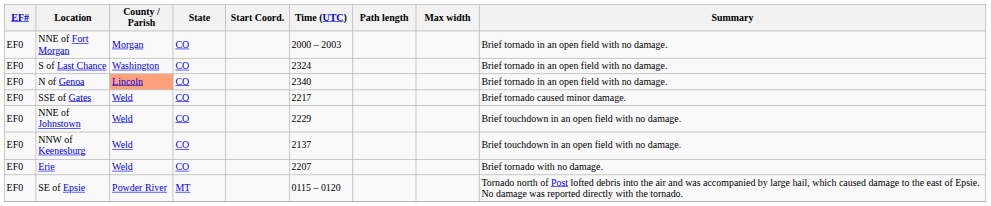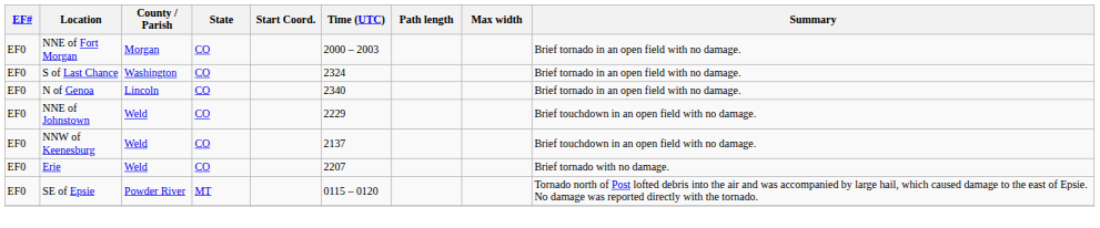 <table class="wikitable sortable" style="width:100%;">
 <tr>
 <th scope="col" width="3%" align="center"><a href='#'>EF#</a></th>
 <th scope="col" width="7%" align="center" class="unsortable">Location</th>
 <th scope="col" width="6%" align="center" class="unsortable">County / Parish</th>
 <th scope="col" width="5%" align="center">State</th>
 <th scope="col" width="6%" align="center">Start Coord.</th>
 <th scope="col" width="6%" align="center">Time (<a href='#'>UTC</a>)</th>
 <th scope="col" width="6%" align="center">Path length</th>
 <th scope="col" width="6%" align="center">Max width</th>
 <th scope="col" width="48%" class="unsortable" align="center">Summary</th>
 </tr>
 <tr>
 <td>EF0</td>
 <td>NNE of <a href='#'>Fort Morgan</a></td>
 <td><a href='#'>Morgan</a></td>
 <td><a href='#'>CO</a></td>
 <td></td>
 <td>2000 – 2003</td>
 <td></td>
 <td></td>
 <td>Brief tornado in an open field with no damage.</td>
 </tr>
 <tr>
 <td>EF0</td>
 <td>S of <a href='#'>Last Chance</a></td>
 <td><a href='#'>Washington</a></td>
 <td><a href='#'>CO</a></td>
 <td></td>
 <td>2324</td>
 <td></td>
 <td></td>
 <td>Brief tornado in an open field with no damage.</td>
 </tr>
 <tr>
 <td>EF0</td>
 <td>N of <a href='#'>Genoa</a></td>
-<td style="background: lightsalmon;"><a href='#'>Lincoln</a></td>
+<td><a href='#'>Lincoln</a></td>
 <td><a href='#'>CO</a></td>
 <td></td>
 <td>2340</td>
 <td></td>
 <td></td>
 <td>Brief tornado in an open field with no damage.</td>
-</tr>
-<tr>
-<td>EF0</td>
-<td>SSE of <a href='#'>Gates</a></td>
-<td><a href='#'>Weld</a></td>
-<td><a href='#'>CO</a></td>
-<td></td>
-<td>2217</td>
-<td></td>
-<td></td>
-<td>Brief tornado caused minor damage.</td>
 </tr>
 <tr>
 <td>EF0</td>
 <td>NNE of <a href='#'>Johnstown</a></td>
 <td><a href='#'>Weld</a></td>
 <td><a href='#'>CO</a></td>
 <td></td>
 <td>2229</td>
 <td></td>
 <td></td>
 <td>Brief touchdown in an open field with no damage.</td>
 </tr>
 <tr>
 <td>EF0</td>
 <td>NNW of <a href='#'>Keenesburg</a></td>
 <td><a href='#'>Weld</a></td>
 <td><a href='#'>CO</a></td>
 <td></td>
 <td>2137</td>
 <td></td>
 <td></td>
 <td>Brief touchdown in an open field with no damage.</td>
 </tr>
 <tr>
 <td>EF0</td>
 <td><a href='#'>Erie</a></td>
 <td><a href='#'>Weld</a></td>
 <td><a href='#'>CO</a></td>
 <td></td>
 <td>2207</td>
 <td></td>
 <td></td>
 <td>Brief tornado with no damage.</td>
 </tr>
 <tr>
 <td>EF0</td>
 <td>SE of <a href='#'>Epsie</a></td>
 <td><a href='#'>Powder River</a></td>
 <td><a href='#'>MT</a></td>
 <td></td>
 <td>0115 – 0120</td>
 <td></td>
 <td></td>
 <td>Tornado north of <a href='#'>Post</a> lofted debris into the air and was accompanied by large hail, which caused damage to the east of Epsie. No damage was reported directly with the tornado.</td>
 </tr>
 <tr>
 </tr>
 </table>
